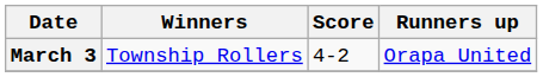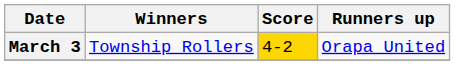 <table class="wikitable sortable plainrowheaders">
 <tr>
 <th scope="col">Date</th>
 <th scope="col">Winners</th>
 <th scope="col">Score</th>
 <th scope="col">Runners up</th>
 </tr>
 <tr>
 <th scope="row">March 3</th>
 <td><a href='#'>Township Rollers</a></td>
-<td>4-2</td>
+<td style="background: gold;">4-2</td>
 <td><a href='#'>Orapa United</a></td>
 </tr>
 <tr>
 </tr>
 </table>
